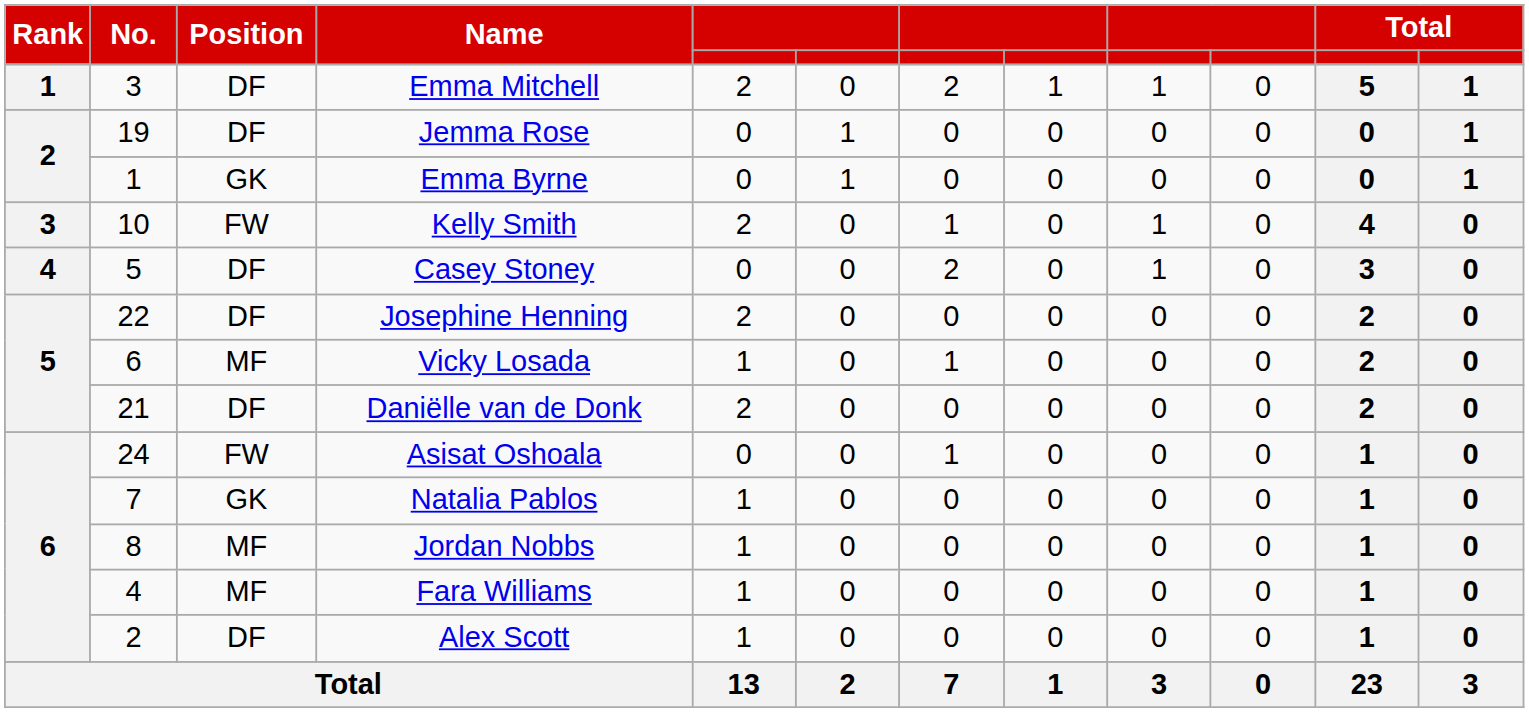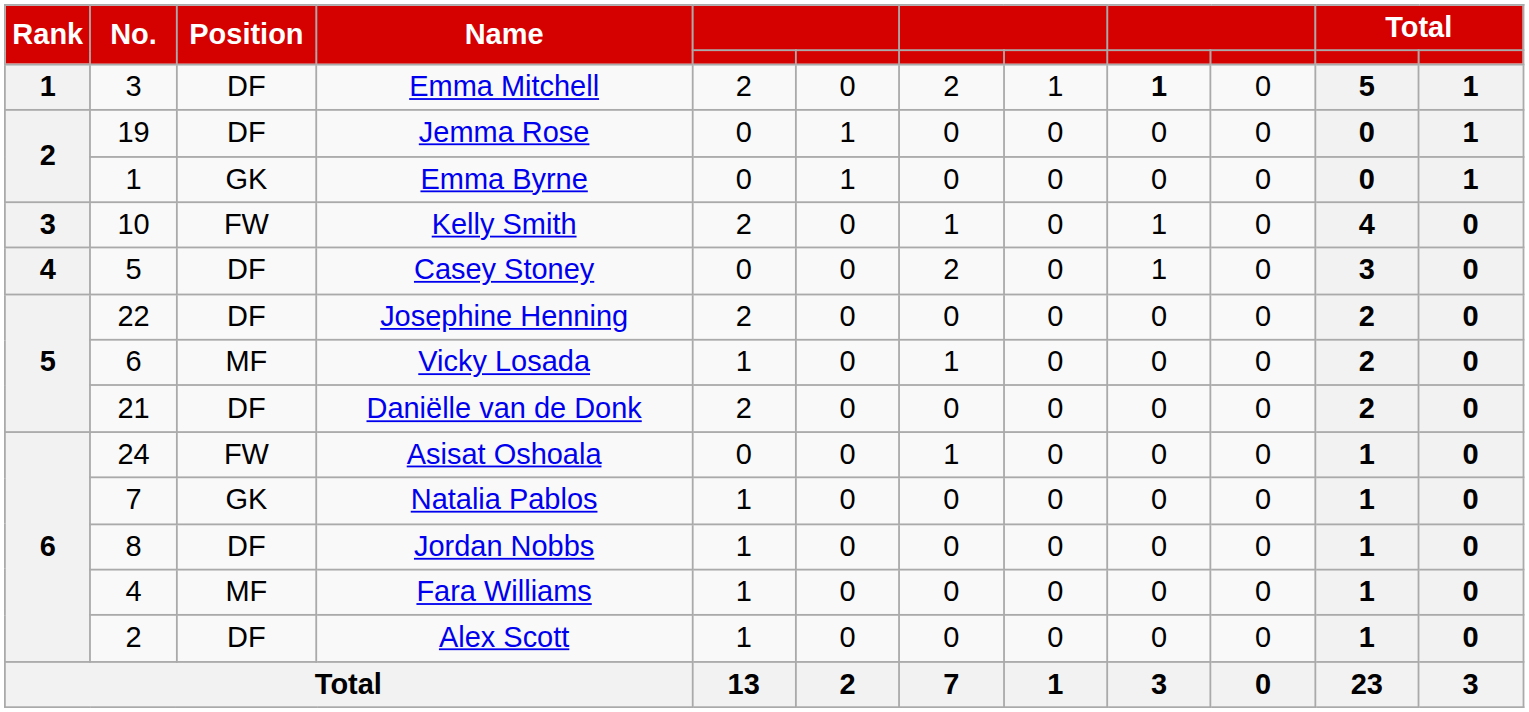 <table class="wikitable" style="text-align:center; font-size:100%; ">
 <tr>
 <th style="background:#d50000; color:white; text-align:center; width:40px" rowspan="2">Rank</th>
 <th style="background:#d50000; color:white; text-align:center; width:40px" rowspan="2">No.</th>
 <th rowspan="2" style="background:#d50000; color:white; text-align:center; width:70px">Position</th>
 <th style="background:#d50000; color:white; text-align:center; width:200px" rowspan="2">Name</th>
 <th style="background:#d50000; color:white; text-align:center;" colspan="2"><a href='#'></a></th>
 <th style="background:#d50000; color:white; text-align:center;" colspan="2"><a href='#'></a></th>
 <th style="background:#d50000; color:white; text-align:center;" colspan="2"></th>
 <th style="background:#d50000; color:white; text-align:center;" colspan="2">Total</th>
 </tr>
 <tr>
 <th style="background:#d50000; color:white; text-align:center; width:50px;"></th>
 <th style="background:#d50000; color:white; text-align:center; width:50px;"></th>
 <th style="background:#d50000; color:white; text-align:center; width:50px;"></th>
 <th style="background:#d50000; color:white; text-align:center; width:50px;"></th>
 <th style="background:#d50000; color:white; text-align:center; width:50px;"></th>
 <th style="background:#d50000; color:white; text-align:center; width:50px;"></th>
 <th style="background:#d50000; color:white; text-align:center; width:50px;"></th>
 <th style="background:#d50000; color:white; text-align:center; width:50px;"></th>
 </tr>
 <tr>
 <th>1</th>
 <td>3</td>
 <td>DF</td>
 <td> <a href='#'>Emma Mitchell</a></td>
 <td>2</td>
 <td>0</td>
 <td>2</td>
 <td>1</td>
-<td>1</td>
+<td><strong>1</strong></td>
 <td>0</td>
 <th>5</th>
 <th>1</th>
 </tr>
 <tr>
 <th rowspan="2">2</th>
 <td>19</td>
 <td>DF</td>
 <td> <a href='#'>Jemma Rose</a></td>
 <td>0</td>
 <td>1</td>
 <td>0</td>
 <td>0</td>
 <td>0</td>
 <td>0</td>
 <th>0</th>
 <th>1</th>
 </tr>
 <tr>
 <td>1</td>
 <td>GK</td>
 <td> <a href='#'>Emma Byrne</a></td>
 <td>0</td>
 <td>1</td>
 <td>0</td>
 <td>0</td>
 <td>0</td>
 <td>0</td>
 <th>0</th>
 <th>1</th>
 </tr>
 <tr>
 <th>3</th>
 <td>10</td>
 <td>FW</td>
 <td> <a href='#'>Kelly Smith</a></td>
 <td>2</td>
 <td>0</td>
 <td>1</td>
 <td>0</td>
 <td>1</td>
 <td>0</td>
 <th>4</th>
 <th>0</th>
 </tr>
 <tr>
 <th>4</th>
 <td>5</td>
 <td>DF</td>
 <td> <a href='#'>Casey Stoney</a></td>
 <td>0</td>
 <td>0</td>
 <td>2</td>
 <td>0</td>
 <td>1</td>
 <td>0</td>
 <th>3</th>
 <th>0</th>
 </tr>
 <tr>
 <th rowspan="3">5</th>
 <td>22</td>
 <td>DF</td>
 <td> <a href='#'>Josephine Henning</a></td>
 <td>2</td>
 <td>0</td>
 <td>0</td>
 <td>0</td>
 <td>0</td>
 <td>0</td>
 <th>2</th>
 <th>0</th>
 </tr>
 <tr>
 <td>6</td>
 <td>MF</td>
 <td> <a href='#'>Vicky Losada</a></td>
 <td>1</td>
 <td>0</td>
 <td>1</td>
 <td>0</td>
 <td>0</td>
 <td>0</td>
 <th>2</th>
 <th>0</th>
 </tr>
 <tr>
 <td>21</td>
 <td>DF</td>
 <td> <a href='#'>Daniëlle van de Donk</a></td>
 <td>2</td>
 <td>0</td>
 <td>0</td>
 <td>0</td>
 <td>0</td>
 <td>0</td>
 <th>2</th>
 <th>0</th>
 </tr>
 <tr>
 <th rowspan="5">6</th>
 <td>24</td>
 <td>FW</td>
 <td> <a href='#'>Asisat Oshoala</a></td>
 <td>0</td>
 <td>0</td>
 <td>1</td>
 <td>0</td>
 <td>0</td>
 <td>0</td>
 <th>1</th>
 <th>0</th>
 </tr>
 <tr>
 <td>7</td>
 <td>GK</td>
 <td> <a href='#'>Natalia Pablos</a></td>
 <td>1</td>
 <td>0</td>
 <td>0</td>
 <td>0</td>
 <td>0</td>
 <td>0</td>
 <th>1</th>
 <th>0</th>
 </tr>
 <tr>
 <td>8</td>
-<td>MF</td>
+<td>DF</td>
 <td> <a href='#'>Jordan Nobbs</a></td>
 <td>1</td>
 <td>0</td>
 <td>0</td>
 <td>0</td>
 <td>0</td>
 <td>0</td>
 <th>1</th>
 <th>0</th>
 </tr>
 <tr>
 <td>4</td>
 <td>MF</td>
 <td> <a href='#'>Fara Williams</a></td>
 <td>1</td>
 <td>0</td>
 <td>0</td>
 <td>0</td>
 <td>0</td>
 <td>0</td>
 <th>1</th>
 <th>0</th>
 </tr>
 <tr>
 <td>2</td>
 <td>DF</td>
 <td> <a href='#'>Alex Scott</a></td>
 <td>1</td>
 <td>0</td>
 <td>0</td>
 <td>0</td>
 <td>0</td>
 <td>0</td>
 <th>1</th>
 <th>0</th>
 </tr>
 <tr>
 <th colspan="4">Total</th>
 <th>13</th>
 <th>2</th>
 <th>7</th>
 <th>1</th>
 <th>3</th>
 <th>0</th>
 <th>23</th>
 <th>3</th>
 </tr>
 </table>
